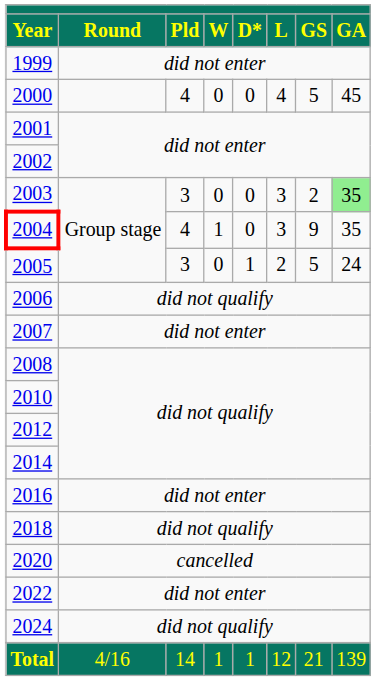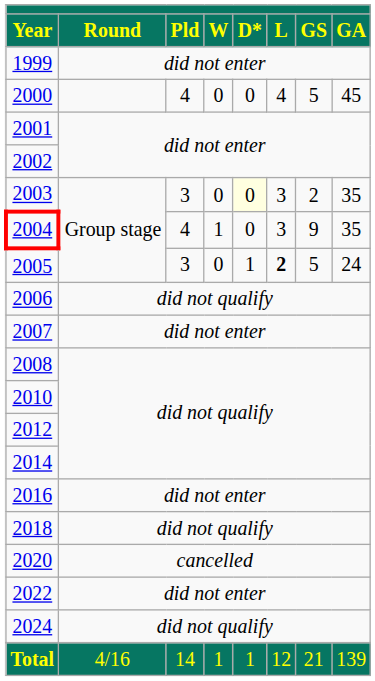 <table class="wikitable" style="text-align: center;font-size:95%;">
 <tr>
 <th colspan=9 style="background: #067662"><a href='#'></a></th>
 </tr>
 <tr style="color:yellow;">
 <th style="background:#067662;">Year</th>
 <th style="background:#067662;">Round</th>
 <th style="background:#067662;">Pld</th>
 <th style="background:#067662;">W</th>
 <th style="background:#067662;">D*</th>
 <th style="background:#067662;">L</th>
 <th style="background:#067662;">GS</th>
 <th style="background:#067662;">GA</th>
 </tr>
 <tr>
 <td> <a href='#'>1999</a></td>
 <td colspan=8><em>did not enter</em></td>
 </tr>
 <tr>
 <td> <a href='#'>2000</a></td>
 <td></td>
 <td>4</td>
 <td>0</td>
 <td>0</td>
 <td>4</td>
 <td>5</td>
 <td>45</td>
 </tr>
 <tr>
 <td> <a href='#'>2001</a></td>
 <td colspan=8 rowspan=2><em>did not enter</em></td>
 </tr>
 <tr>
 <td> <a href='#'>2002</a></td>
 </tr>
 <tr>
 <td> <a href='#'>2003</a></td>
 <td rowspan="3">Group stage</td>
 <td>3</td>
 <td>0</td>
-<td>0</td>
+<td style="background: lightyellow;">0</td>
 <td>3</td>
 <td>2</td>
-<td style="background: lightgreen;">35</td>
+<td>35</td>
 </tr>
 <tr>
 <td style="border: 3px solid red"> <a href='#'>2004</a></td>
 <td>4</td>
 <td>1</td>
 <td>0</td>
 <td>3</td>
 <td>9</td>
 <td>35</td>
 </tr>
 <tr>
 <td> <a href='#'>2005</a></td>
 <td>3</td>
 <td>0</td>
 <td>1</td>
-<td>2</td>
+<td><strong>2</strong></td>
 <td>5</td>
 <td>24</td>
 </tr>
 <tr>
 <td> <a href='#'>2006</a></td>
 <td colspan=10><em>did not qualify</em></td>
 </tr>
 <tr>
 <td> <a href='#'>2007</a></td>
 <td colspan=10><em>did not enter</em></td>
 </tr>
 <tr>
 <td> <a href='#'>2008</a></td>
 <td colspan="10" rowspan="4"><em>did not qualify</em></td>
 </tr>
 <tr>
 <td> <a href='#'>2010</a></td>
 </tr>
 <tr>
 <td> <a href='#'>2012</a></td>
 </tr>
 <tr>
 <td> <a href='#'>2014</a></td>
 </tr>
 <tr>
 <td> <a href='#'>2016</a></td>
 <td colspan=9><em>did not enter</em></td>
 </tr>
 <tr>
 <td> <a href='#'>2018</a></td>
 <td colspan=8><em>did not qualify</em></td>
 </tr>
 <tr>
 <td> <a href='#'>2020</a></td>
 <td colspan=8><em>cancelled</em></td>
 </tr>
 <tr>
 <td> <a href='#'>2022</a></td>
 <td colspan=9><em>did not enter</em></td>
 </tr>
 <tr>
 <td> <a href='#'>2024</a></td>
 <td colspan=8><em>did not qualify</em></td>
 </tr>
 <tr>
 </tr>
 <tr bgcolor="#067662" style="color:yellow;">
 <td><strong>Total</strong></td>
 <td>4/16</td>
 <td>14</td>
 <td>1</td>
 <td>1</td>
 <td>12</td>
 <td>21</td>
 <td>139</td>
 </tr>
 </table>
